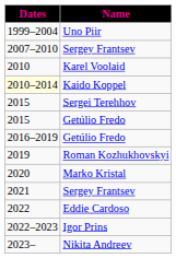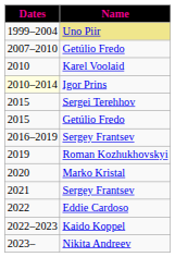 <table class="wikitable">
 <tr>
 <th style="background:black; color:#EC008C; border:1px solid color:black">Dates</th>
 <th style="background:black; color:#EC008C; border:1px solid color:black">Name</th>
 </tr>
 <tr>
 <td>1999–2004</td>
-<td> <a href='#'>Uno Piir</a></td>
+<td style="background: khaki;"> <a href='#'>Uno Piir</a></td>
 </tr>
 <tr>
 <td>2007–2010</td>
-<td> <a href='#'>Sergey Frantsev</a></td>
+<td> <a href='#'>Getúlio Fredo</a></td>
 </tr>
 <tr>
 <td>2010</td>
 <td> <a href='#'>Karel Voolaid</a></td>
 </tr>
 <tr>
 <td style="background: lightyellow;">2010–2014</td>
-<td> <a href='#'>Kaido Koppel</a></td>
+<td> <a href='#'>Igor Prins</a></td>
 </tr>
 <tr>
 <td>2015</td>
 <td> <a href='#'>Sergei Terehhov</a></td>
 </tr>
 <tr>
 <td>2015</td>
 <td> <a href='#'>Getúlio Fredo</a></td>
 </tr>
 <tr>
 <td>2016–2019</td>
-<td> <a href='#'>Getúlio Fredo</a></td>
+<td> <a href='#'>Sergey Frantsev</a></td>
 </tr>
 <tr>
 <td>2019</td>
 <td> <a href='#'>Roman Kozhukhovskyi</a></td>
 </tr>
 <tr>
 <td>2020</td>
 <td> <a href='#'>Marko Kristal</a></td>
 </tr>
 <tr>
 <td>2021</td>
 <td> <a href='#'>Sergey Frantsev</a></td>
 </tr>
 <tr>
 <td>2022</td>
 <td> <a href='#'>Eddie Cardoso</a></td>
 </tr>
 <tr>
 <td>2022–2023</td>
-<td> <a href='#'>Igor Prins</a></td>
+<td> <a href='#'>Kaido Koppel</a></td>
 </tr>
 <tr>
 <td>2023–</td>
 <td> <a href='#'>Nikita Andreev</a></td>
 </tr>
 </table>
